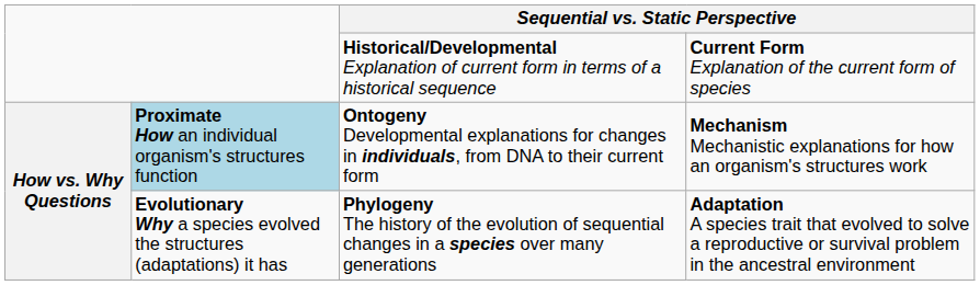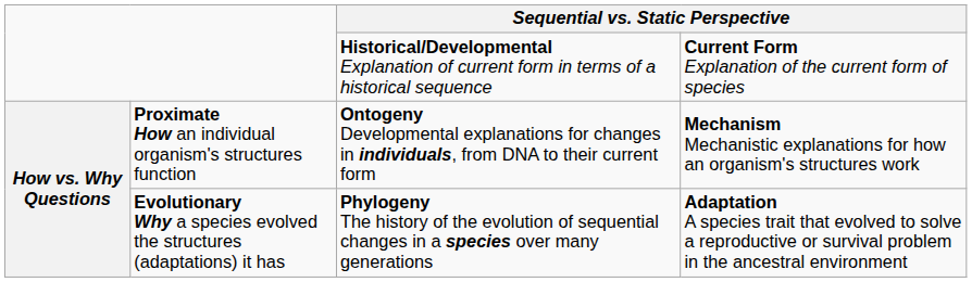 <table class="wikitable">
 <tr>
 <td colspan="2" rowspan="2"></td>
 <th colspan="2"><em>Sequential vs. Static Perspective</em></th>
 </tr>
 <tr>
 <td><strong>Historical/Developmental</strong><br><em>Explanation of current form in terms of a historical sequence</em></td>
 <td><strong>Current Form</strong><br><em>Explanation of the current form of species</em></td>
 </tr>
 <tr>
 <th rowspan="2"><em>How vs. Why Questions</em></th>
-<td style="background: lightblue;"><strong>Proximate</strong><br><strong><em>How</em></strong> an individual organism's structures function</td>
+<td><strong>Proximate</strong><br><strong><em>How</em></strong> an individual organism's structures function</td>
 <td><strong>Ontogeny</strong><br>Developmental explanations for changes in <strong><em>individuals</em></strong>, from DNA to their current form</td>
 <td><strong>Mechanism</strong><br>Mechanistic explanations for how an organism's structures work</td>
 </tr>
 <tr>
 <td><strong>Evolutionary</strong><br><strong><em>Why</em></strong> a species evolved the structures (adaptations) it has</td>
 <td><strong>Phylogeny</strong><br>The history of the evolution of sequential changes in a <strong><em>species</em></strong> over many generations</td>
 <td><strong>Adaptation</strong><br>A species trait that evolved to solve a reproductive or survival problem in the ancestral environment</td>
 </tr>
 </table>
